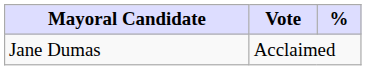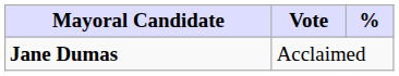 <table class="wikitable">
 <tr>
 <th style="background:#ddf; width:200px;">Mayoral Candidate</th>
 <th style="background:#ddf; width:50px;">Vote</th>
 <th style="background:#ddf; width:30px;">%</th>
 </tr>
 <tr>
-<td>Jane Dumas</td>
+<td><strong>Jane Dumas</strong></td>
 <td colspan="2">Acclaimed</td>
 </tr>
 </table>
